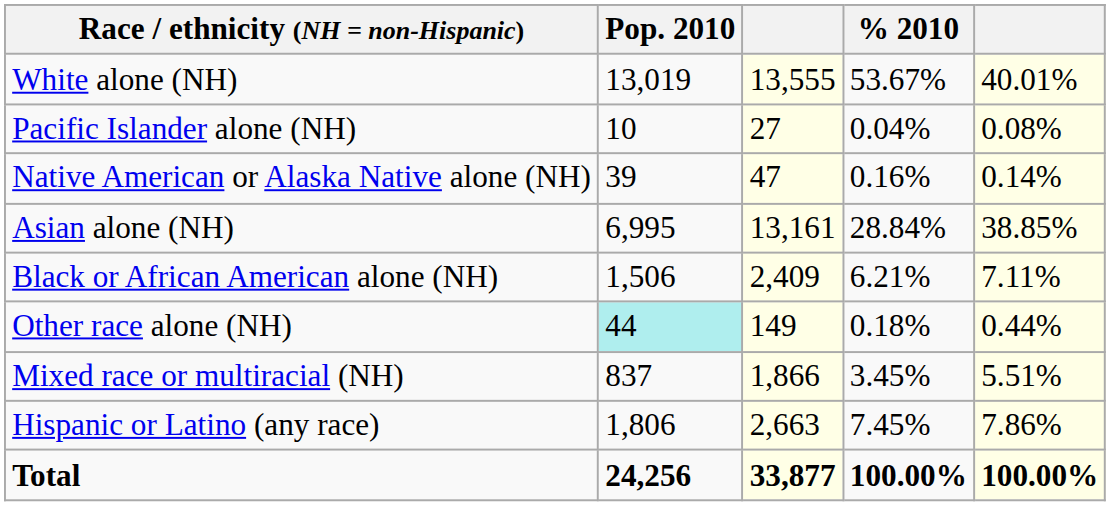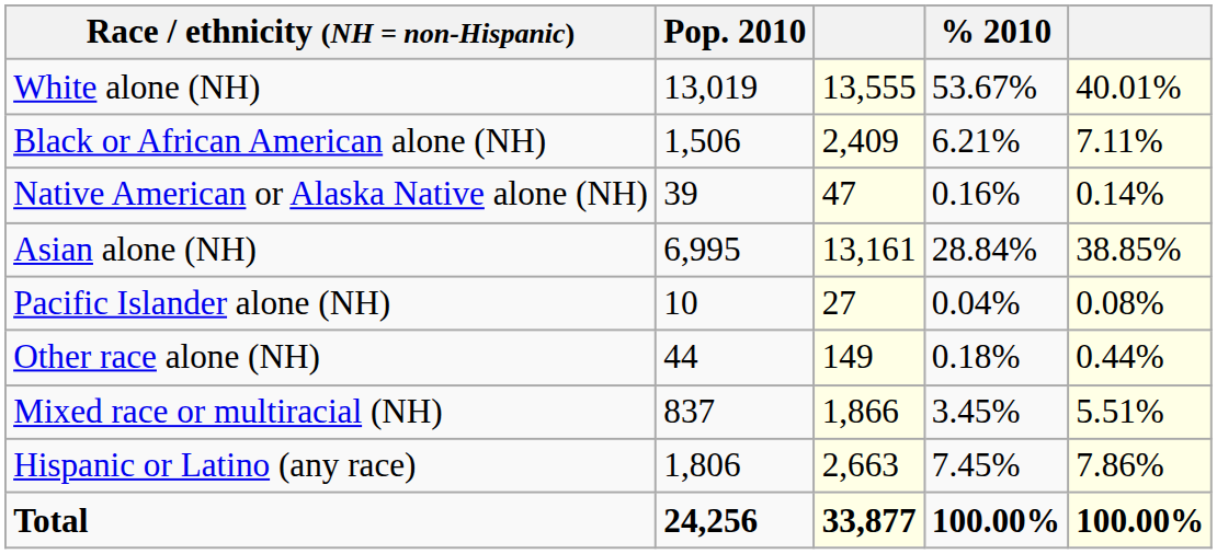 <table class="wikitable">
 <tr>
 <th>Race / ethnicity <small>(<em>NH = non-Hispanic</em>)</small></th>
 <th>Pop. 2010</th>
 <th></th>
 <th>% 2010</th>
 <th></th>
 </tr>
 <tr>
 <td><a href='#'>White</a> alone (NH)</td>
 <td>13,019</td>
 <td style='background: #ffffe6;'>13,555</td>
 <td>53.67%</td>
 <td style='background: #ffffe6;'>40.01%</td>
 </tr>
 <tr>
-<td><a href='#'>Pacific Islander</a> alone (NH)</td>
-<td>10</td>
-<td style='background: #ffffe6;'>27</td>
-<td>0.04%</td>
-<td style='background: #ffffe6;'>0.08%</td>
+<td><a href='#'>Black or African American</a> alone (NH)</td>
+<td>1,506</td>
+<td style='background: #ffffe6;'>2,409</td>
+<td>6.21%</td>
+<td style='background: #ffffe6;'>7.11%</td>
 </tr>
 <tr>
 <td><a href='#'>Native American</a> or <a href='#'>Alaska Native</a> alone (NH)</td>
 <td>39</td>
 <td style='background: #ffffe6;'>47</td>
 <td>0.16%</td>
 <td style='background: #ffffe6;'>0.14%</td>
 </tr>
 <tr>
 <td><a href='#'>Asian</a> alone (NH)</td>
 <td>6,995</td>
 <td style='background: #ffffe6;'>13,161</td>
 <td>28.84%</td>
 <td style='background: #ffffe6;'>38.85%</td>
 </tr>
 <tr>
-<td><a href='#'>Black or African American</a> alone (NH)</td>
-<td>1,506</td>
-<td style='background: #ffffe6;'>2,409</td>
-<td>6.21%</td>
-<td style='background: #ffffe6;'>7.11%</td>
+<td><a href='#'>Pacific Islander</a> alone (NH)</td>
+<td>10</td>
+<td style='background: #ffffe6;'>27</td>
+<td>0.04%</td>
+<td style='background: #ffffe6;'>0.08%</td>
 </tr>
 <tr>
 <td><a href='#'>Other race</a> alone (NH)</td>
-<td style="background: paleturquoise;">44</td>
+<td>44</td>
 <td style='background: #ffffe6;'>149</td>
 <td>0.18%</td>
 <td style='background: #ffffe6;'>0.44%</td>
 </tr>
 <tr>
 <td><a href='#'>Mixed race or multiracial</a> (NH)</td>
 <td>837</td>
 <td style='background: #ffffe6;'>1,866</td>
 <td>3.45%</td>
 <td style='background: #ffffe6;'>5.51%</td>
 </tr>
 <tr>
 <td><a href='#'>Hispanic or Latino</a> (any race)</td>
 <td>1,806</td>
 <td style='background: #ffffe6;'>2,663</td>
 <td>7.45%</td>
 <td style='background: #ffffe6;'>7.86%</td>
 </tr>
 <tr>
 <td><strong>Total</strong></td>
 <td><strong>24,256</strong></td>
 <td style='background: #ffffe6;'><strong>33,877</strong></td>
 <td><strong>100.00%</strong></td>
 <td style='background: #ffffe6;'><strong>100.00%</strong></td>
 </tr>
 </table>
